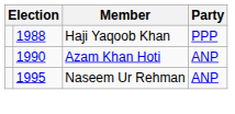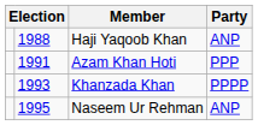 <table class="wikitable">
 <tr>
 <th colspan="2">Election</th>
 <th>Member</th>
 <th>Party</th>
 </tr>
 <tr>
 <td style="background-color: "></td>
 <td><a href='#'>1988</a></td>
 <td>Haji Yaqoob Khan</td>
+<td><a href='#'>ANP</a></td>
+</tr>
+<tr>
+<td style="background-color: "></td>
+<td><a href='#'>1991</a></td>
+<td><a href='#'>Azam Khan Hoti</a></td>
 <td><a href='#'>PPP</a></td>
 </tr>
 <tr>
 <td style="background-color: "></td>
-<td><a href='#'>1990</a></td>
-<td><a href='#'>Azam Khan Hoti</a></td>
-<td><a href='#'>ANP</a></td>
+<td><a href='#'>1993</a></td>
+<td><a href='#'>Khanzada Khan</a></td>
+<td><a href='#'>PPPP</a></td>
 </tr>
 <tr>
 <td style="background-color: "></td>
 <td><a href='#'>1995</a></td>
 <td>Naseem Ur Rehman</td>
 <td><a href='#'>ANP</a></td>
 </tr>
 </table>
